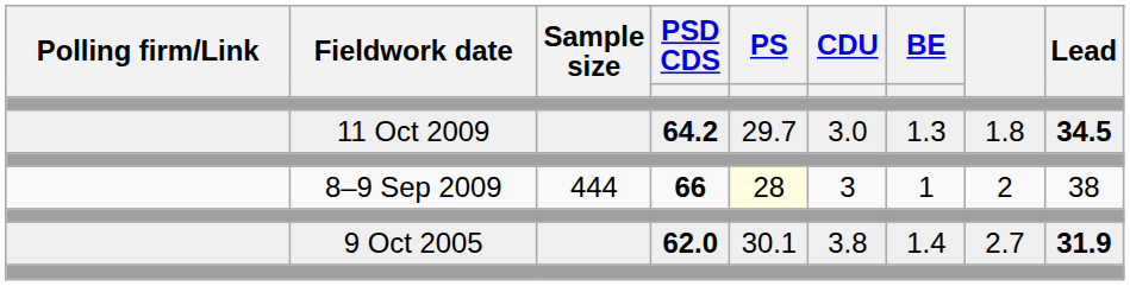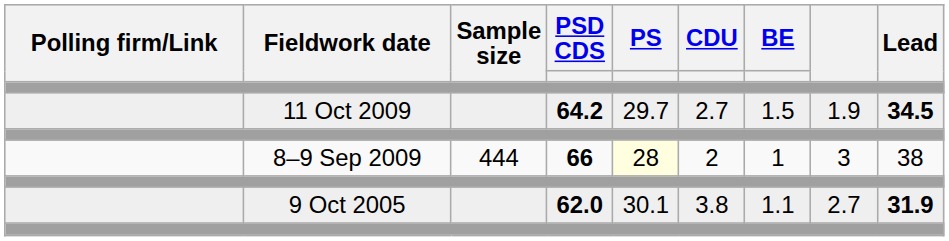 <table class="wikitable collapsible sortable" style="text-align:center; font-size:95%; line-height:16px;">
 <tr style="height:42px;">
 <th style="width:145px;" rowspan="2">Polling firm/Link</th>
 <th style="width:125px;" rowspan="2">Fieldwork date</th>
 <th class="unsortable" style="width:50px;" rowspan="2">Sample size</th>
 <th class="unsortable" style="width:35px;"><a href='#'>PSD</a><br><a href='#'>CDS</a></th>
 <th class="unsortable" style="width:35px;"><a href='#'>PS</a></th>
 <th class="unsortable" style="width:35px;"><a href='#'>CDU</a></th>
 <th class="unsortable" style="width:35px;"><a href='#'>BE</a></th>
 <th class="unsortable" style="width:35px;" rowspan="2"></th>
 <th class="unsortable" style="width:30px;" rowspan="2">Lead</th>
 </tr>
 <tr>
 <th class="unsortable" style="color:inherit;background:"></th>
 <th class="unsortable" style="color:inherit;background:"></th>
 <th class="unsortable" style="color:inherit;background:"></th>
 <th class="unsortable" style="color:inherit;background:"></th>
 </tr>
 <tr>
 <td colspan="13" style="background:#A0A0A0"></td>
 </tr>
 <tr style="background:#EFEFEF;">
 <td><strong></strong></td>
 <td data-sort-value="2019-10-06">11 Oct 2009</td>
 <td></td>
 <td><strong>64.2</strong><br></td>
 <td>29.7<br></td>
-<td>3.0<br></td>
-<td>1.3<br></td>
-<td>1.8</td>
+<td>2.7<br></td>
+<td>1.5<br></td>
+<td>1.9</td>
 <td style="background:"><strong>34.5</strong></td>
 </tr>
 <tr>
 <td colspan="13" style="background:#A0A0A0"></td>
 </tr>
 <tr>
 <td align="center"></td>
 <td align="center">8–9 Sep 2009</td>
 <td>444</td>
 <td align="center" ><strong>66</strong></td>
 <td align="center" style="background: lightyellow;">28</td>
+<td align="center">2</td>
+<td align="center">1</td>
 <td align="center">3</td>
-<td align="center">1</td>
-<td align="center">2</td>
 <td style="background:">38</td>
 </tr>
 <tr>
 <td colspan="13" style="background:#A0A0A0"></td>
 </tr>
 <tr style="background:#EFEFEF;">
 <td><strong></strong></td>
 <td data-sort-value="2019-10-06">9 Oct 2005</td>
 <td></td>
 <td><strong>62.0</strong><br></td>
 <td>30.1<br></td>
 <td>3.8<br></td>
-<td>1.4<br></td>
+<td>1.1<br></td>
 <td>2.7</td>
 <td style="background:"><strong>31.9</strong></td>
 </tr>
 <tr>
 <td colspan="13" style="background:#A0A0A0"></td>
 </tr>
 </table>
